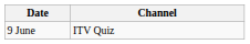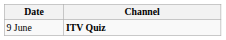 <table class="wikitable">
 <tr>
 <th width=90>Date</th>
 <th width=250>Channel</th>
 </tr>
 <tr>
 <td>9 June</td>
-<td>ITV Quiz</td>
+<td><strong>ITV Quiz</strong></td>
 </tr>
 </table>
